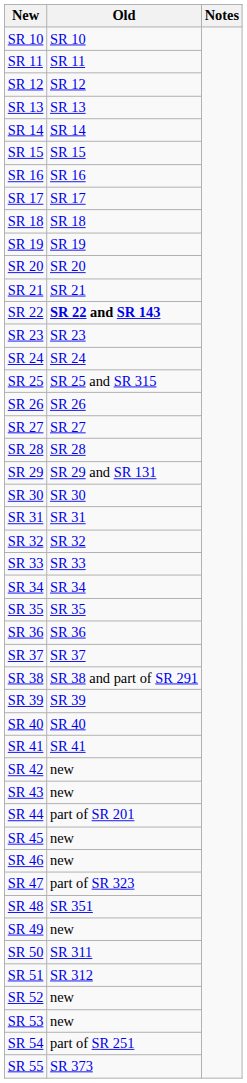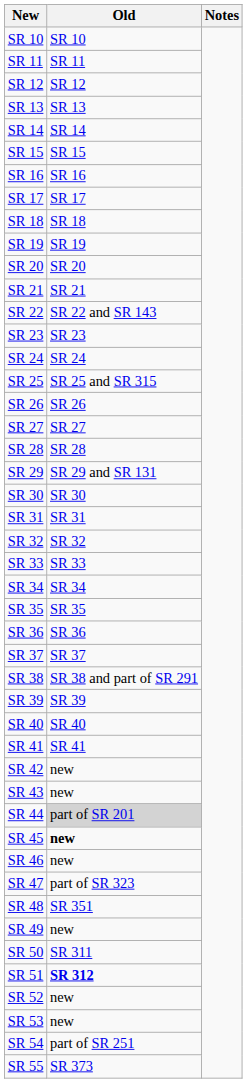 <table class=wikitable>
 <tr>
 <th>New</th>
 <th>Old</th>
 <th>Notes</th>
 </tr>
 <tr>
 <td><a href='#'>SR 10</a></td>
 <td><a href='#'>SR 10</a></td>
 </tr>
 <tr>
 <td><a href='#'>SR 11</a></td>
 <td><a href='#'>SR 11</a></td>
 </tr>
 <tr>
 <td><a href='#'>SR 12</a></td>
 <td><a href='#'>SR 12</a></td>
 </tr>
 <tr>
 <td><a href='#'>SR 13</a></td>
 <td><a href='#'>SR 13</a></td>
 </tr>
 <tr>
 <td><a href='#'>SR 14</a></td>
 <td><a href='#'>SR 14</a></td>
 </tr>
 <tr>
 <td><a href='#'>SR 15</a></td>
 <td><a href='#'>SR 15</a></td>
 </tr>
 <tr>
 <td><a href='#'>SR 16</a></td>
 <td><a href='#'>SR 16</a></td>
 </tr>
 <tr>
 <td><a href='#'>SR 17</a></td>
 <td><a href='#'>SR 17</a></td>
 </tr>
 <tr>
 <td><a href='#'>SR 18</a></td>
 <td><a href='#'>SR 18</a></td>
 </tr>
 <tr>
 <td><a href='#'>SR 19</a></td>
 <td><a href='#'>SR 19</a></td>
 </tr>
 <tr>
 <td><a href='#'>SR 20</a></td>
 <td><a href='#'>SR 20</a></td>
 </tr>
 <tr>
 <td><a href='#'>SR 21</a></td>
 <td><a href='#'>SR 21</a></td>
 </tr>
 <tr>
 <td><a href='#'>SR 22</a></td>
-<td><strong><a href='#'>SR 22</a> and <a href='#'>SR 143</a></strong></td>
+<td><a href='#'>SR 22</a> and <a href='#'>SR 143</a></td>
 </tr>
 <tr>
 <td><a href='#'>SR 23</a></td>
 <td><a href='#'>SR 23</a></td>
 </tr>
 <tr>
 <td><a href='#'>SR 24</a></td>
 <td><a href='#'>SR 24</a></td>
 </tr>
 <tr>
 <td><a href='#'>SR 25</a></td>
 <td><a href='#'>SR 25</a> and <a href='#'>SR 315</a></td>
 </tr>
 <tr>
 <td><a href='#'>SR 26</a></td>
 <td><a href='#'>SR 26</a></td>
 </tr>
 <tr>
 <td><a href='#'>SR 27</a></td>
 <td><a href='#'>SR 27</a></td>
 </tr>
 <tr>
 <td><a href='#'>SR 28</a></td>
 <td><a href='#'>SR 28</a></td>
 </tr>
 <tr>
 <td><a href='#'>SR 29</a></td>
 <td><a href='#'>SR 29</a> and <a href='#'>SR 131</a></td>
 </tr>
 <tr>
 <td><a href='#'>SR 30</a></td>
 <td><a href='#'>SR 30</a></td>
 </tr>
 <tr>
 <td><a href='#'>SR 31</a></td>
 <td><a href='#'>SR 31</a></td>
 </tr>
 <tr>
 <td><a href='#'>SR 32</a></td>
 <td><a href='#'>SR 32</a></td>
 </tr>
 <tr>
 <td><a href='#'>SR 33</a></td>
 <td><a href='#'>SR 33</a></td>
 </tr>
 <tr>
 <td><a href='#'>SR 34</a></td>
 <td><a href='#'>SR 34</a></td>
 </tr>
 <tr>
 <td><a href='#'>SR 35</a></td>
 <td><a href='#'>SR 35</a></td>
 </tr>
 <tr>
 <td><a href='#'>SR 36</a></td>
 <td><a href='#'>SR 36</a></td>
 </tr>
 <tr>
 <td><a href='#'>SR 37</a></td>
 <td><a href='#'>SR 37</a></td>
 </tr>
 <tr>
 <td><a href='#'>SR 38</a></td>
 <td><a href='#'>SR 38</a> and part of <a href='#'>SR 291</a></td>
 </tr>
 <tr>
 <td><a href='#'>SR 39</a></td>
 <td><a href='#'>SR 39</a></td>
 </tr>
 <tr>
 <td><a href='#'>SR 40</a></td>
 <td><a href='#'>SR 40</a></td>
 </tr>
 <tr>
 <td><a href='#'>SR 41</a></td>
 <td><a href='#'>SR 41</a></td>
 </tr>
 <tr>
 <td><a href='#'>SR 42</a></td>
 <td>new</td>
 </tr>
 <tr>
 <td><a href='#'>SR 43</a></td>
 <td>new</td>
 </tr>
 <tr>
 <td><a href='#'>SR 44</a></td>
-<td>part of <a href='#'>SR 201</a></td>
+<td style="background: lightgrey;">part of <a href='#'>SR 201</a></td>
 </tr>
 <tr>
 <td><a href='#'>SR 45</a></td>
-<td>new</td>
+<td><strong>new</strong></td>
 </tr>
 <tr>
 <td><a href='#'>SR 46</a></td>
 <td>new</td>
 </tr>
 <tr>
 <td><a href='#'>SR 47</a></td>
 <td>part of <a href='#'>SR 323</a></td>
 </tr>
 <tr>
 <td><a href='#'>SR 48</a></td>
 <td><a href='#'>SR 351</a></td>
 </tr>
 <tr>
 <td><a href='#'>SR 49</a></td>
 <td>new</td>
 </tr>
 <tr>
 <td><a href='#'>SR 50</a></td>
 <td><a href='#'>SR 311</a></td>
 </tr>
 <tr>
 <td><a href='#'>SR 51</a></td>
-<td><a href='#'>SR 312</a></td>
+<td><strong><a href='#'>SR 312</a></strong></td>
 </tr>
 <tr>
 <td><a href='#'>SR 52</a></td>
 <td>new</td>
 </tr>
 <tr>
 <td><a href='#'>SR 53</a></td>
 <td>new</td>
 </tr>
 <tr>
 <td><a href='#'>SR 54</a></td>
 <td>part of <a href='#'>SR 251</a></td>
 </tr>
 <tr>
 <td><a href='#'>SR 55</a></td>
 <td><a href='#'>SR 373</a></td>
 </tr>
 </table>
